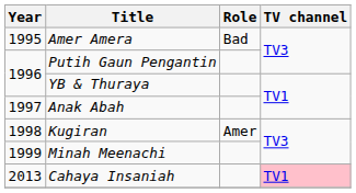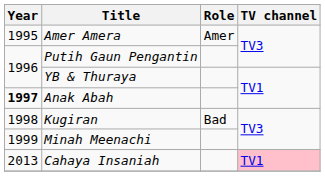 <table class="wikitable">
 <tr>
 <th>Year</th>
 <th>Title</th>
 <th>Role</th>
 <th>TV channel</th>
 </tr>
 <tr>
 <td>1995</td>
 <td><em>Amer Amera</em></td>
-<td>Bad</td>
+<td>Amer</td>
 <td rowspan="2"><a href='#'>TV3</a></td>
 </tr>
 <tr>
 <td rowspan="2">1996</td>
 <td><em>Putih Gaun Pengantin</em></td>
 <td></td>
 </tr>
 <tr>
 <td><em>YB & Thuraya</em></td>
 <td></td>
 <td rowspan="2"><a href='#'>TV1</a></td>
 </tr>
 <tr>
-<td>1997</td>
+<td><strong>1997</strong></td>
 <td><em>Anak Abah</em></td>
 <td></td>
 </tr>
 <tr>
 <td>1998</td>
 <td><em>Kugiran</em></td>
-<td>Amer</td>
+<td>Bad</td>
 <td rowspan="2"><a href='#'>TV3</a></td>
 </tr>
 <tr>
 <td>1999</td>
 <td><em>Minah Meenachi</em></td>
 <td></td>
 </tr>
 <tr>
 <td>2013</td>
 <td><em>Cahaya Insaniah</em></td>
 <td></td>
 <td style="background: pink;"><a href='#'>TV1</a></td>
 </tr>
 <tr>
 </tr>
 </table>
